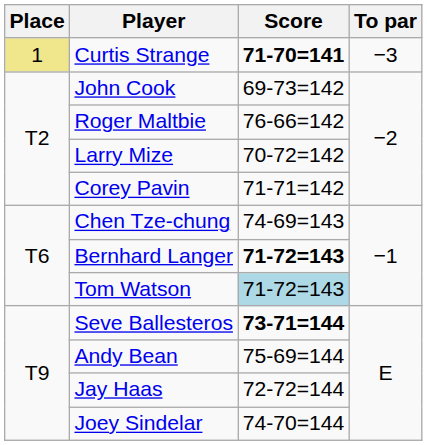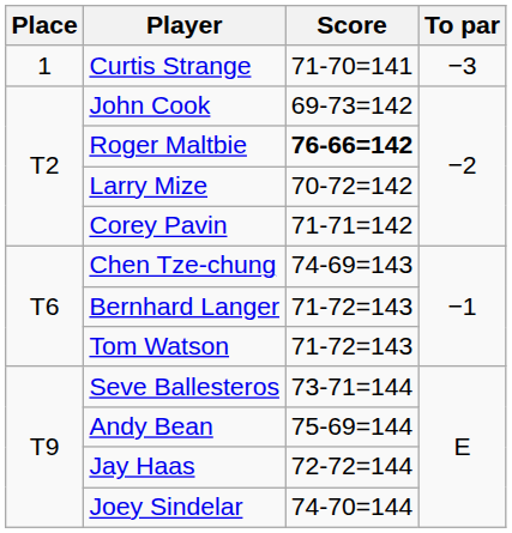 <table class="wikitable">
 <tr>
 <th>Place</th>
 <th>Player</th>
 <th>Score</th>
 <th>To par</th>
 </tr>
 <tr>
-<td align="center" style="background: khaki;">1</td>
+<td align="center">1</td>
 <td> <a href='#'>Curtis Strange</a></td>
-<td><strong>71-70=141</strong></td>
+<td>71-70=141</td>
 <td align="center">−3</td>
 </tr>
 <tr>
 <td rowspan=4 align="center">T2</td>
 <td> <a href='#'>John Cook</a></td>
 <td>69-73=142</td>
 <td rowspan=4 align="center">−2</td>
 </tr>
 <tr>
 <td> <a href='#'>Roger Maltbie</a></td>
-<td>76-66=142</td>
+<td><strong>76-66=142</strong></td>
 </tr>
 <tr>
 <td> <a href='#'>Larry Mize</a></td>
 <td>70-72=142</td>
 </tr>
 <tr>
 <td> <a href='#'>Corey Pavin</a></td>
 <td>71-71=142</td>
 </tr>
 <tr>
 <td rowspan=3 align="center">T6</td>
 <td> <a href='#'>Chen Tze-chung</a></td>
 <td>74-69=143</td>
 <td rowspan=3 align="center">−1</td>
 </tr>
 <tr>
 <td> <a href='#'>Bernhard Langer</a></td>
-<td><strong>71-72=143</strong></td>
+<td>71-72=143</td>
 </tr>
 <tr>
 <td> <a href='#'>Tom Watson</a></td>
-<td style="background: lightblue;">71-72=143</td>
+<td>71-72=143</td>
 </tr>
 <tr>
 <td rowspan=4 align="center">T9</td>
 <td> <a href='#'>Seve Ballesteros</a></td>
-<td><strong>73-71=144</strong></td>
+<td>73-71=144</td>
 <td rowspan=4 align="center">E</td>
 </tr>
 <tr>
 <td> <a href='#'>Andy Bean</a></td>
 <td>75-69=144</td>
 </tr>
 <tr>
 <td> <a href='#'>Jay Haas</a></td>
 <td>72-72=144</td>
 </tr>
 <tr>
 <td> <a href='#'>Joey Sindelar</a></td>
 <td>74-70=144</td>
 </tr>
 </table>
